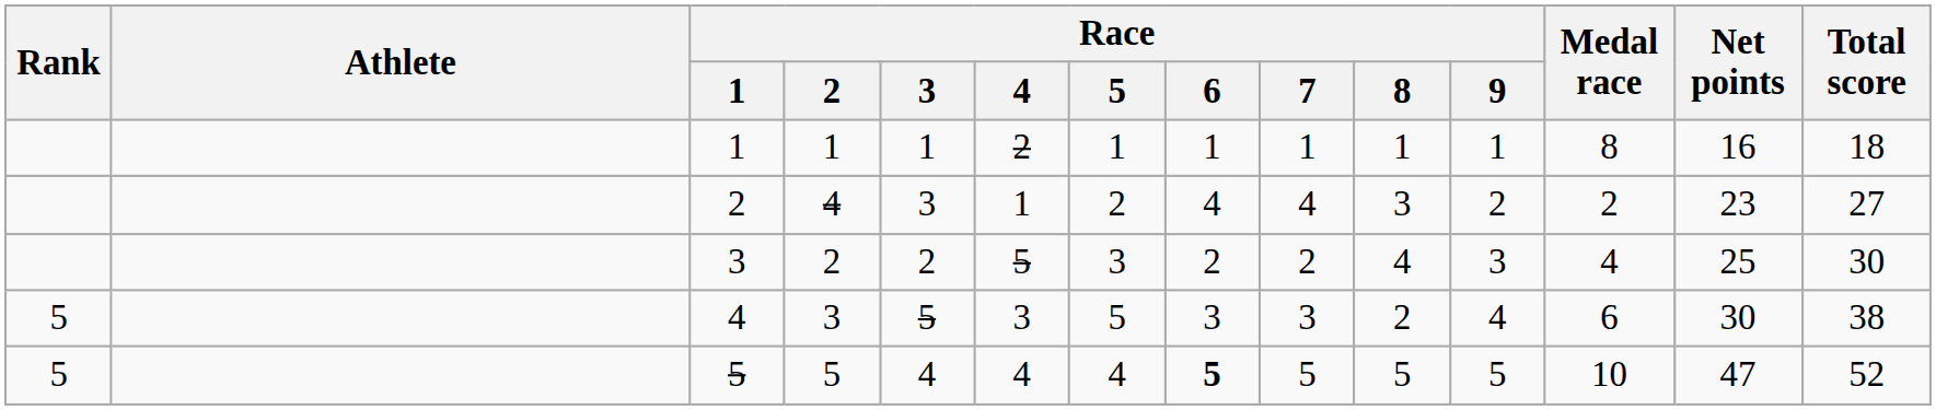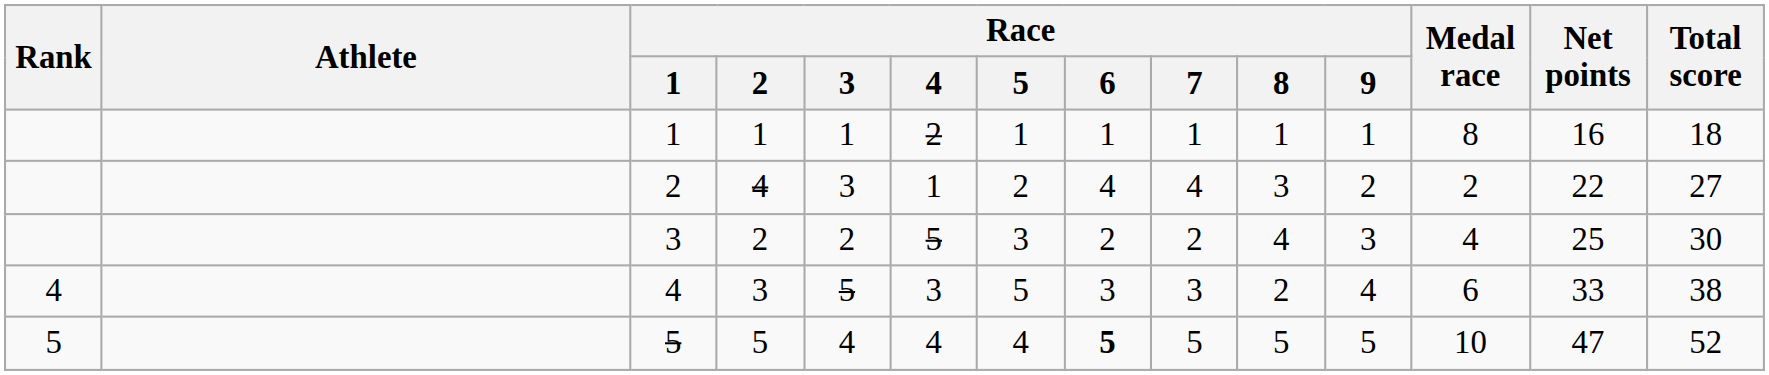 <table | class="wikitable Sortable" style="text-align:center">
 <tr>
 <th rowspan="2" width=40>Rank</th>
 <th rowspan="2" width=250>Athlete</th>
 <th colspan="9">Race</th>
 <th rowspan="2" width=50>Medal race</th>
 <th rowspan="2" width=50>Net points</th>
 <th rowspan="2" width=50>Total score</th>
 </tr>
 <tr>
 <th width=35>1</th>
 <th width=35>2</th>
 <th width=35>3</th>
 <th width=35>4</th>
 <th width=35>5</th>
 <th width=35>6</th>
 <th width=35>7</th>
 <th width=35>8</th>
 <th width=35>9</th>
 </tr>
 <tr>
 <td></td>
 <td align=left></td>
 <td>1</td>
 <td>1</td>
 <td>1</td>
 <td><s>2</s></td>
 <td>1</td>
 <td>1</td>
 <td>1</td>
 <td>1</td>
 <td>1</td>
 <td>8</td>
 <td>16</td>
 <td>18</td>
 </tr>
 <tr>
 <td></td>
 <td align=left></td>
 <td>2</td>
 <td><s>4</s></td>
 <td>3</td>
 <td>1</td>
 <td>2</td>
 <td>4</td>
 <td>4</td>
 <td>3</td>
 <td>2</td>
 <td>2</td>
-<td>23</td>
+<td>22</td>
 <td>27</td>
 </tr>
 <tr>
 <td></td>
 <td align=left></td>
 <td>3</td>
 <td>2</td>
 <td>2</td>
 <td><s>5</s></td>
 <td>3</td>
 <td>2</td>
 <td>2</td>
 <td>4</td>
 <td>3</td>
 <td>4</td>
 <td>25</td>
 <td>30</td>
 </tr>
 <tr>
-<td>5</td>
+<td>4</td>
 <td align=left></td>
 <td>4</td>
 <td>3</td>
 <td><s>5</s></td>
 <td>3</td>
 <td>5</td>
 <td>3</td>
 <td>3</td>
 <td>2</td>
 <td>4</td>
 <td>6</td>
-<td>30</td>
+<td>33</td>
 <td>38</td>
 </tr>
 <tr>
 <td>5</td>
 <td align=left></td>
 <td><s>5</s></td>
 <td>5</td>
 <td>4</td>
 <td>4</td>
 <td>4</td>
 <td><strong>5</strong></td>
 <td>5</td>
 <td>5</td>
 <td>5</td>
 <td>10</td>
 <td>47</td>
 <td>52</td>
 </tr>
 </table>
